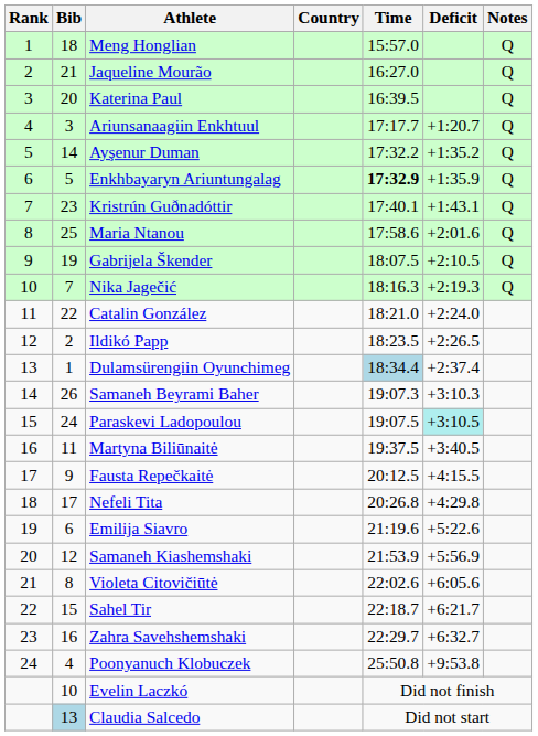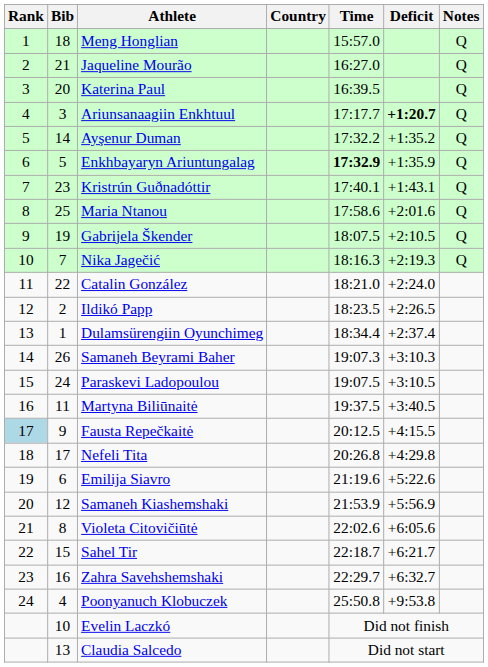 <table class="wikitable sortable" style="text-align:center">
 <tr>
 <th>Rank</th>
 <th>Bib</th>
 <th>Athlete</th>
 <th>Country</th>
 <th>Time</th>
 <th>Deficit</th>
 <th>Notes</th>
 </tr>
 <tr bgcolor=ccffcc>
 <td>1</td>
 <td>18</td>
 <td align=left><a href='#'>Meng Honglian</a></td>
 <td align=left></td>
 <td>15:57.0</td>
 <td></td>
 <td>Q</td>
 </tr>
 <tr bgcolor=ccffcc>
 <td>2</td>
 <td>21</td>
 <td align=left><a href='#'>Jaqueline Mourão</a></td>
 <td align=left></td>
 <td>16:27.0</td>
 <td></td>
 <td>Q</td>
 </tr>
 <tr bgcolor=ccffcc>
 <td>3</td>
 <td>20</td>
 <td align=left><a href='#'>Katerina Paul</a></td>
 <td align=left></td>
 <td>16:39.5</td>
 <td></td>
 <td>Q</td>
 </tr>
 <tr bgcolor=ccffcc>
 <td>4</td>
 <td>3</td>
 <td align=left><a href='#'>Ariunsanaagiin Enkhtuul</a></td>
 <td align=left></td>
 <td>17:17.7</td>
-<td>+1:20.7</td>
+<td><strong>+1:20.7</strong></td>
 <td>Q</td>
 </tr>
 <tr bgcolor=ccffcc>
 <td>5</td>
 <td>14</td>
 <td align=left><a href='#'>Ayşenur Duman</a></td>
 <td align=left></td>
 <td>17:32.2</td>
 <td>+1:35.2</td>
 <td>Q</td>
 </tr>
 <tr bgcolor=ccffcc>
 <td>6</td>
 <td>5</td>
 <td align=left><a href='#'>Enkhbayaryn Ariuntungalag</a></td>
 <td align=left></td>
 <td><strong>17:32.9</strong></td>
 <td>+1:35.9</td>
 <td>Q</td>
 </tr>
 <tr bgcolor=ccffcc>
 <td>7</td>
 <td>23</td>
 <td align=left><a href='#'>Kristrún Guðnadóttir</a></td>
 <td align=left></td>
 <td>17:40.1</td>
 <td>+1:43.1</td>
 <td>Q</td>
 </tr>
 <tr bgcolor=ccffcc>
 <td>8</td>
 <td>25</td>
 <td align=left><a href='#'>Maria Ntanou</a></td>
 <td align=left></td>
 <td>17:58.6</td>
 <td>+2:01.6</td>
 <td>Q</td>
 </tr>
 <tr bgcolor=ccffcc>
 <td>9</td>
 <td>19</td>
 <td align=left><a href='#'>Gabrijela Škender</a></td>
 <td align=left></td>
 <td>18:07.5</td>
 <td>+2:10.5</td>
 <td>Q</td>
 </tr>
 <tr bgcolor=ccffcc>
 <td>10</td>
 <td>7</td>
 <td align=left><a href='#'>Nika Jagečić</a></td>
 <td align=left></td>
 <td>18:16.3</td>
 <td>+2:19.3</td>
 <td>Q</td>
 </tr>
 <tr>
 <td>11</td>
 <td>22</td>
 <td align=left><a href='#'>Catalin González</a></td>
 <td align=left></td>
 <td>18:21.0</td>
 <td>+2:24.0</td>
 <td></td>
 </tr>
 <tr>
 <td>12</td>
 <td>2</td>
 <td align=left><a href='#'>Ildikó Papp</a></td>
 <td align=left></td>
 <td>18:23.5</td>
 <td>+2:26.5</td>
 <td></td>
 </tr>
 <tr>
 <td>13</td>
 <td>1</td>
 <td align=left><a href='#'>Dulamsürengiin Oyunchimeg</a></td>
 <td align=left></td>
-<td style="background: lightblue;">18:34.4</td>
+<td>18:34.4</td>
 <td>+2:37.4</td>
 <td></td>
 </tr>
 <tr>
 <td>14</td>
 <td>26</td>
 <td align=left><a href='#'>Samaneh Beyrami Baher</a></td>
 <td align=left></td>
 <td>19:07.3</td>
 <td>+3:10.3</td>
 <td></td>
 </tr>
 <tr>
 <td>15</td>
 <td>24</td>
 <td align=left><a href='#'>Paraskevi Ladopoulou</a></td>
 <td align=left></td>
 <td>19:07.5</td>
-<td style="background: paleturquoise;">+3:10.5</td>
+<td>+3:10.5</td>
 <td></td>
 </tr>
 <tr>
 <td>16</td>
 <td>11</td>
 <td align=left><a href='#'>Martyna Biliūnaitė</a></td>
 <td align=left></td>
 <td>19:37.5</td>
 <td>+3:40.5</td>
 <td></td>
 </tr>
 <tr>
-<td>17</td>
+<td style="background: lightblue;">17</td>
 <td>9</td>
 <td align=left><a href='#'>Fausta Repečkaitė</a></td>
 <td align=left></td>
 <td>20:12.5</td>
 <td>+4:15.5</td>
 <td></td>
 </tr>
 <tr>
 <td>18</td>
 <td>17</td>
 <td align=left><a href='#'>Nefeli Tita</a></td>
 <td align=left></td>
 <td>20:26.8</td>
 <td>+4:29.8</td>
 <td></td>
 </tr>
 <tr>
 <td>19</td>
 <td>6</td>
 <td align=left><a href='#'>Emilija Siavro</a></td>
 <td align=left></td>
 <td>21:19.6</td>
 <td>+5:22.6</td>
 <td></td>
 </tr>
 <tr>
 <td>20</td>
 <td>12</td>
 <td align=left><a href='#'>Samaneh Kiashemshaki</a></td>
 <td align=left></td>
 <td>21:53.9</td>
 <td>+5:56.9</td>
 <td></td>
 </tr>
 <tr>
 <td>21</td>
 <td>8</td>
 <td align=left><a href='#'>Violeta Citovičiūtė</a></td>
 <td align=left></td>
 <td>22:02.6</td>
 <td>+6:05.6</td>
 <td></td>
 </tr>
 <tr>
 <td>22</td>
 <td>15</td>
 <td align=left><a href='#'>Sahel Tir</a></td>
 <td align=left></td>
 <td>22:18.7</td>
 <td>+6:21.7</td>
 <td></td>
 </tr>
 <tr>
 <td>23</td>
 <td>16</td>
 <td align=left><a href='#'>Zahra Savehshemshaki</a></td>
 <td align=left></td>
 <td>22:29.7</td>
 <td>+6:32.7</td>
 <td></td>
 </tr>
 <tr>
 <td>24</td>
 <td>4</td>
 <td align=left><a href='#'>Poonyanuch Klobuczek</a></td>
 <td align=left></td>
 <td>25:50.8</td>
 <td>+9:53.8</td>
 <td></td>
 </tr>
 <tr>
 <td></td>
 <td>10</td>
 <td align=left><a href='#'>Evelin Laczkó</a></td>
 <td align=left></td>
 <td colspan=3>Did not finish</td>
 </tr>
 <tr>
 <td></td>
-<td style="background: lightblue;">13</td>
+<td>13</td>
 <td align=left><a href='#'>Claudia Salcedo</a></td>
 <td align=left></td>
 <td colspan=3>Did not start</td>
 </tr>
 </table>
